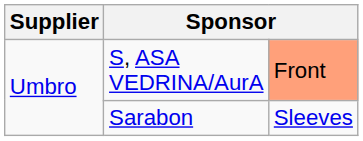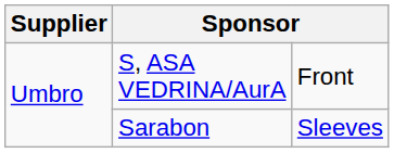 <table class="wikitable">
 <tr>
 <th>Supplier</th>
 <th colspan=2>Sponsor</th>
 </tr>
 <tr>
 <td rowspan=3> <a href='#'>Umbro</a></td>
 <td> <a href='#'>S</a>,  <a href='#'>ASA</a><br> <a href='#'>VEDRINA/AurA</a></td>
-<td style="background: lightsalmon;">Front</td>
+<td>Front</td>
 </tr>
 <tr>
 <td> <a href='#'>Sarabon</a></td>
 <td rowspan=2><a href='#'>Sleeves</a></td>
 </tr>
 </table>
